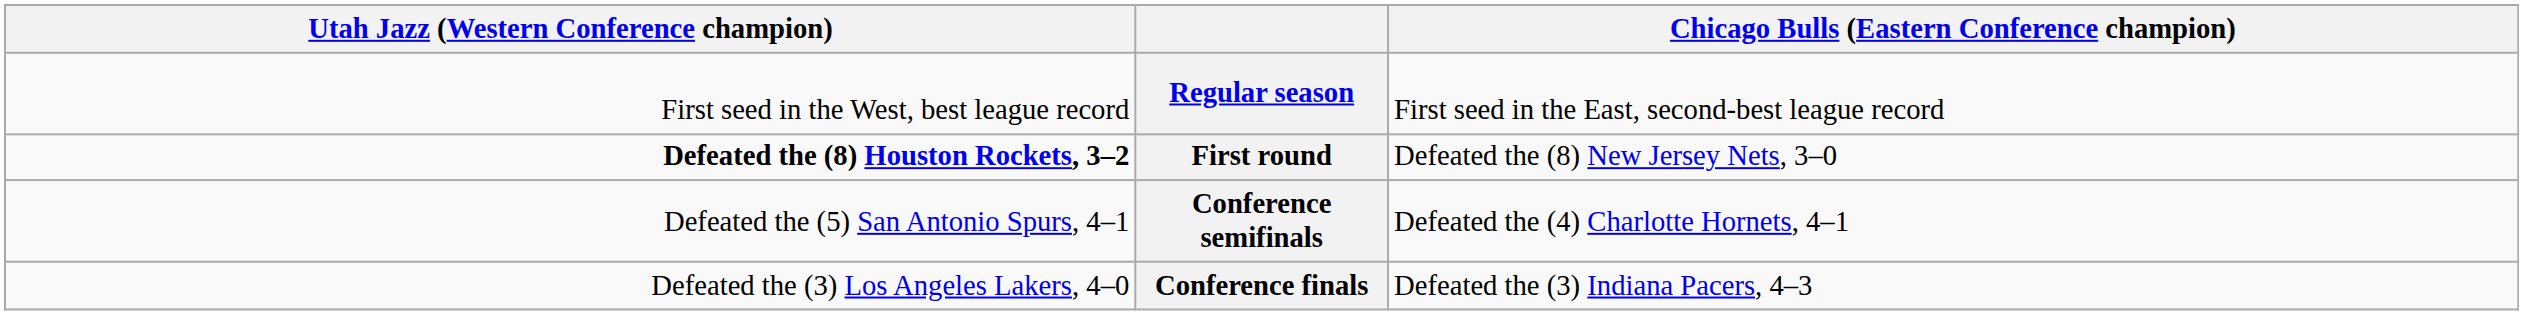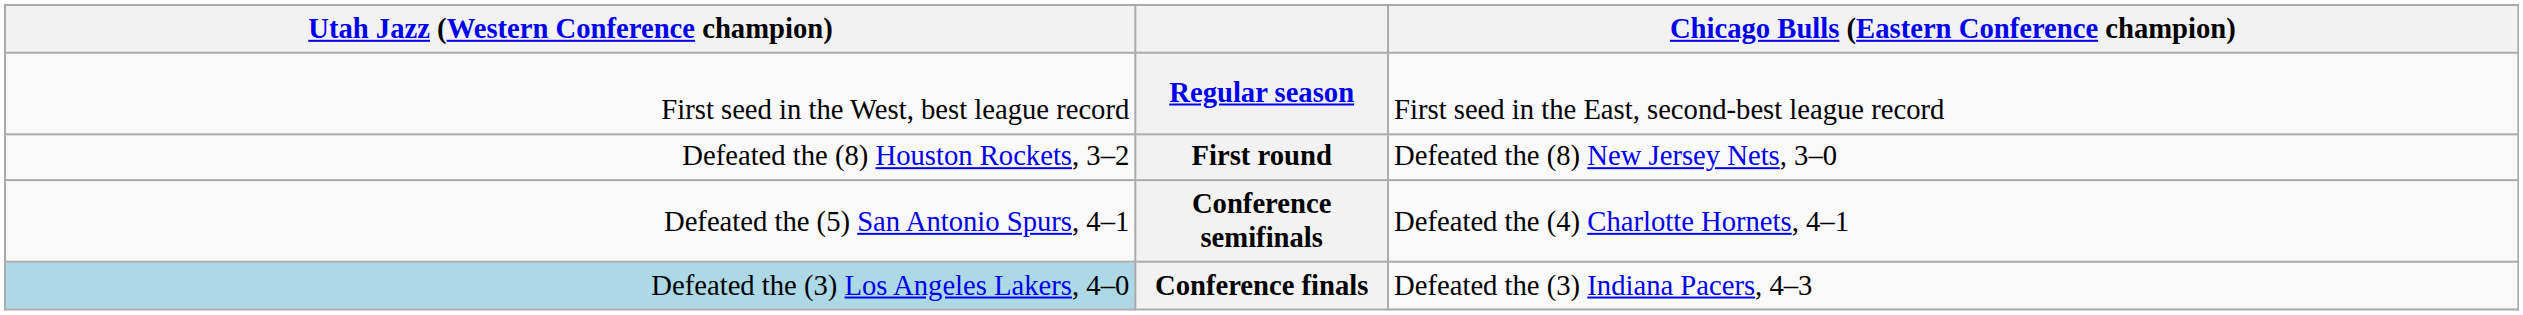 <table style="width:100%; font-size:90%" class="wikitable">
 <tr valign=top>
 <th colspan="2" style="width:45%;"><a href='#'>Utah Jazz</a> (<a href='#'>Western Conference</a> champion)</th>
 <th></th>
 <th colspan="2" style="width:45%;"><a href='#'>Chicago Bulls</a> (<a href='#'>Eastern Conference</a> champion)</th>
 </tr>
 <tr>
 <td align=right><br>First seed in the West, best league record</td>
 <th colspan=2><a href='#'>Regular season</a></th>
 <td><br>First seed in the East, second-best league record</td>
 </tr>
 <tr>
-<td align=right><strong>Defeated the (8) <a href='#'>Houston Rockets</a>, 3–2</strong></td>
+<td align=right>Defeated the (8) <a href='#'>Houston Rockets</a>, 3–2</td>
 <th colspan=2>First round</th>
 <td>Defeated the (8) <a href='#'>New Jersey Nets</a>, 3–0</td>
 </tr>
 <tr>
 <td align=right>Defeated the (5) <a href='#'>San Antonio Spurs</a>, 4–1</td>
 <th colspan=2>Conference semifinals</th>
 <td>Defeated the (4) <a href='#'>Charlotte Hornets</a>, 4–1</td>
 </tr>
 <tr>
-<td align=right>Defeated the (3) <a href='#'>Los Angeles Lakers</a>, 4–0</td>
+<td align=right style="background: lightblue;">Defeated the (3) <a href='#'>Los Angeles Lakers</a>, 4–0</td>
 <th colspan=2>Conference finals</th>
 <td>Defeated the (3) <a href='#'>Indiana Pacers</a>, 4–3</td>
 </tr>
 </table>
